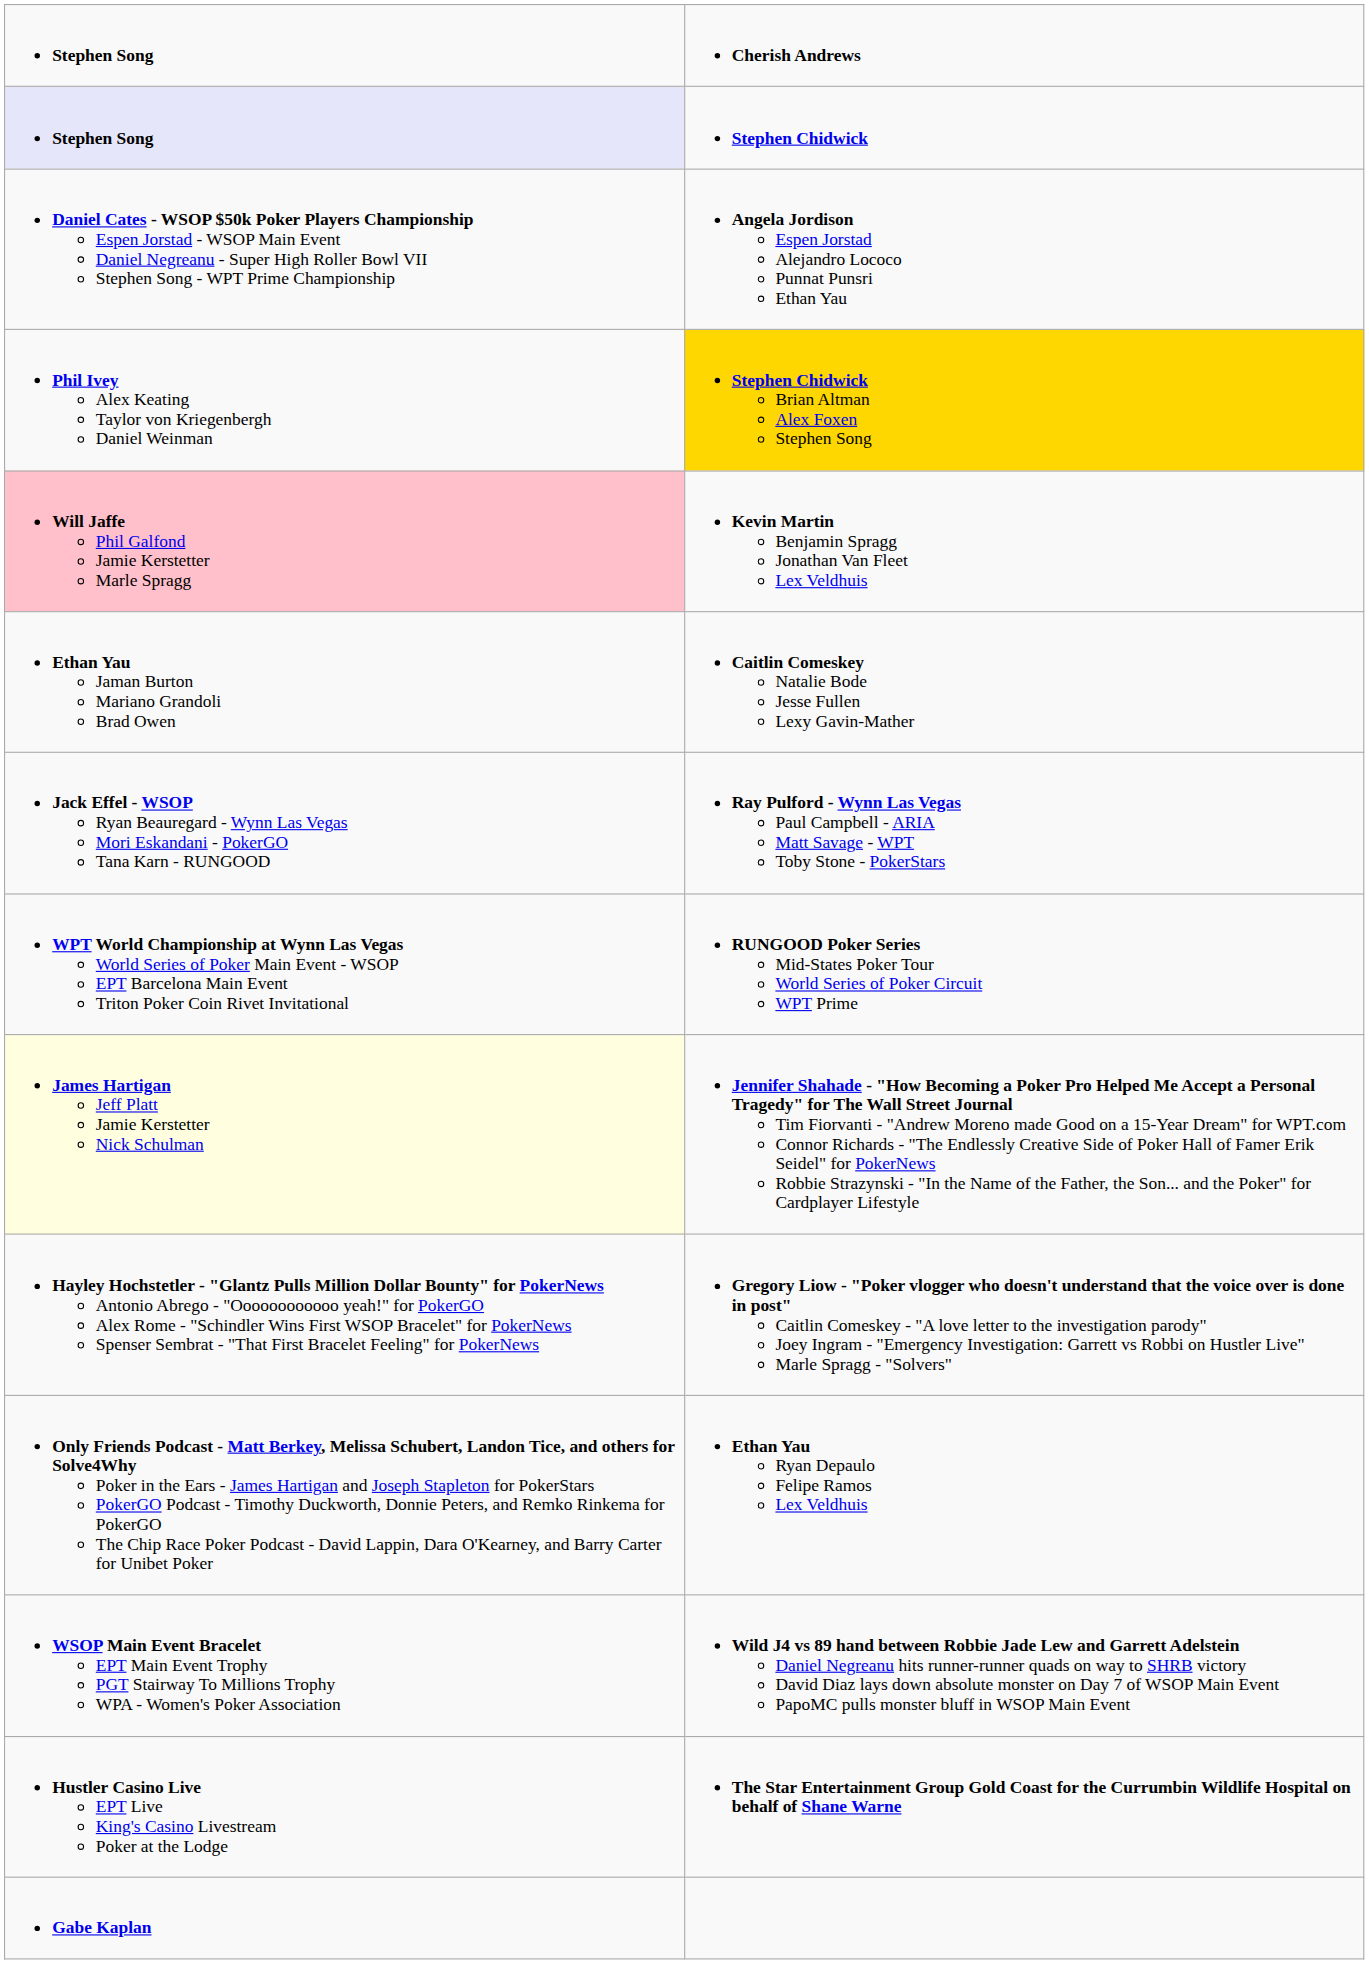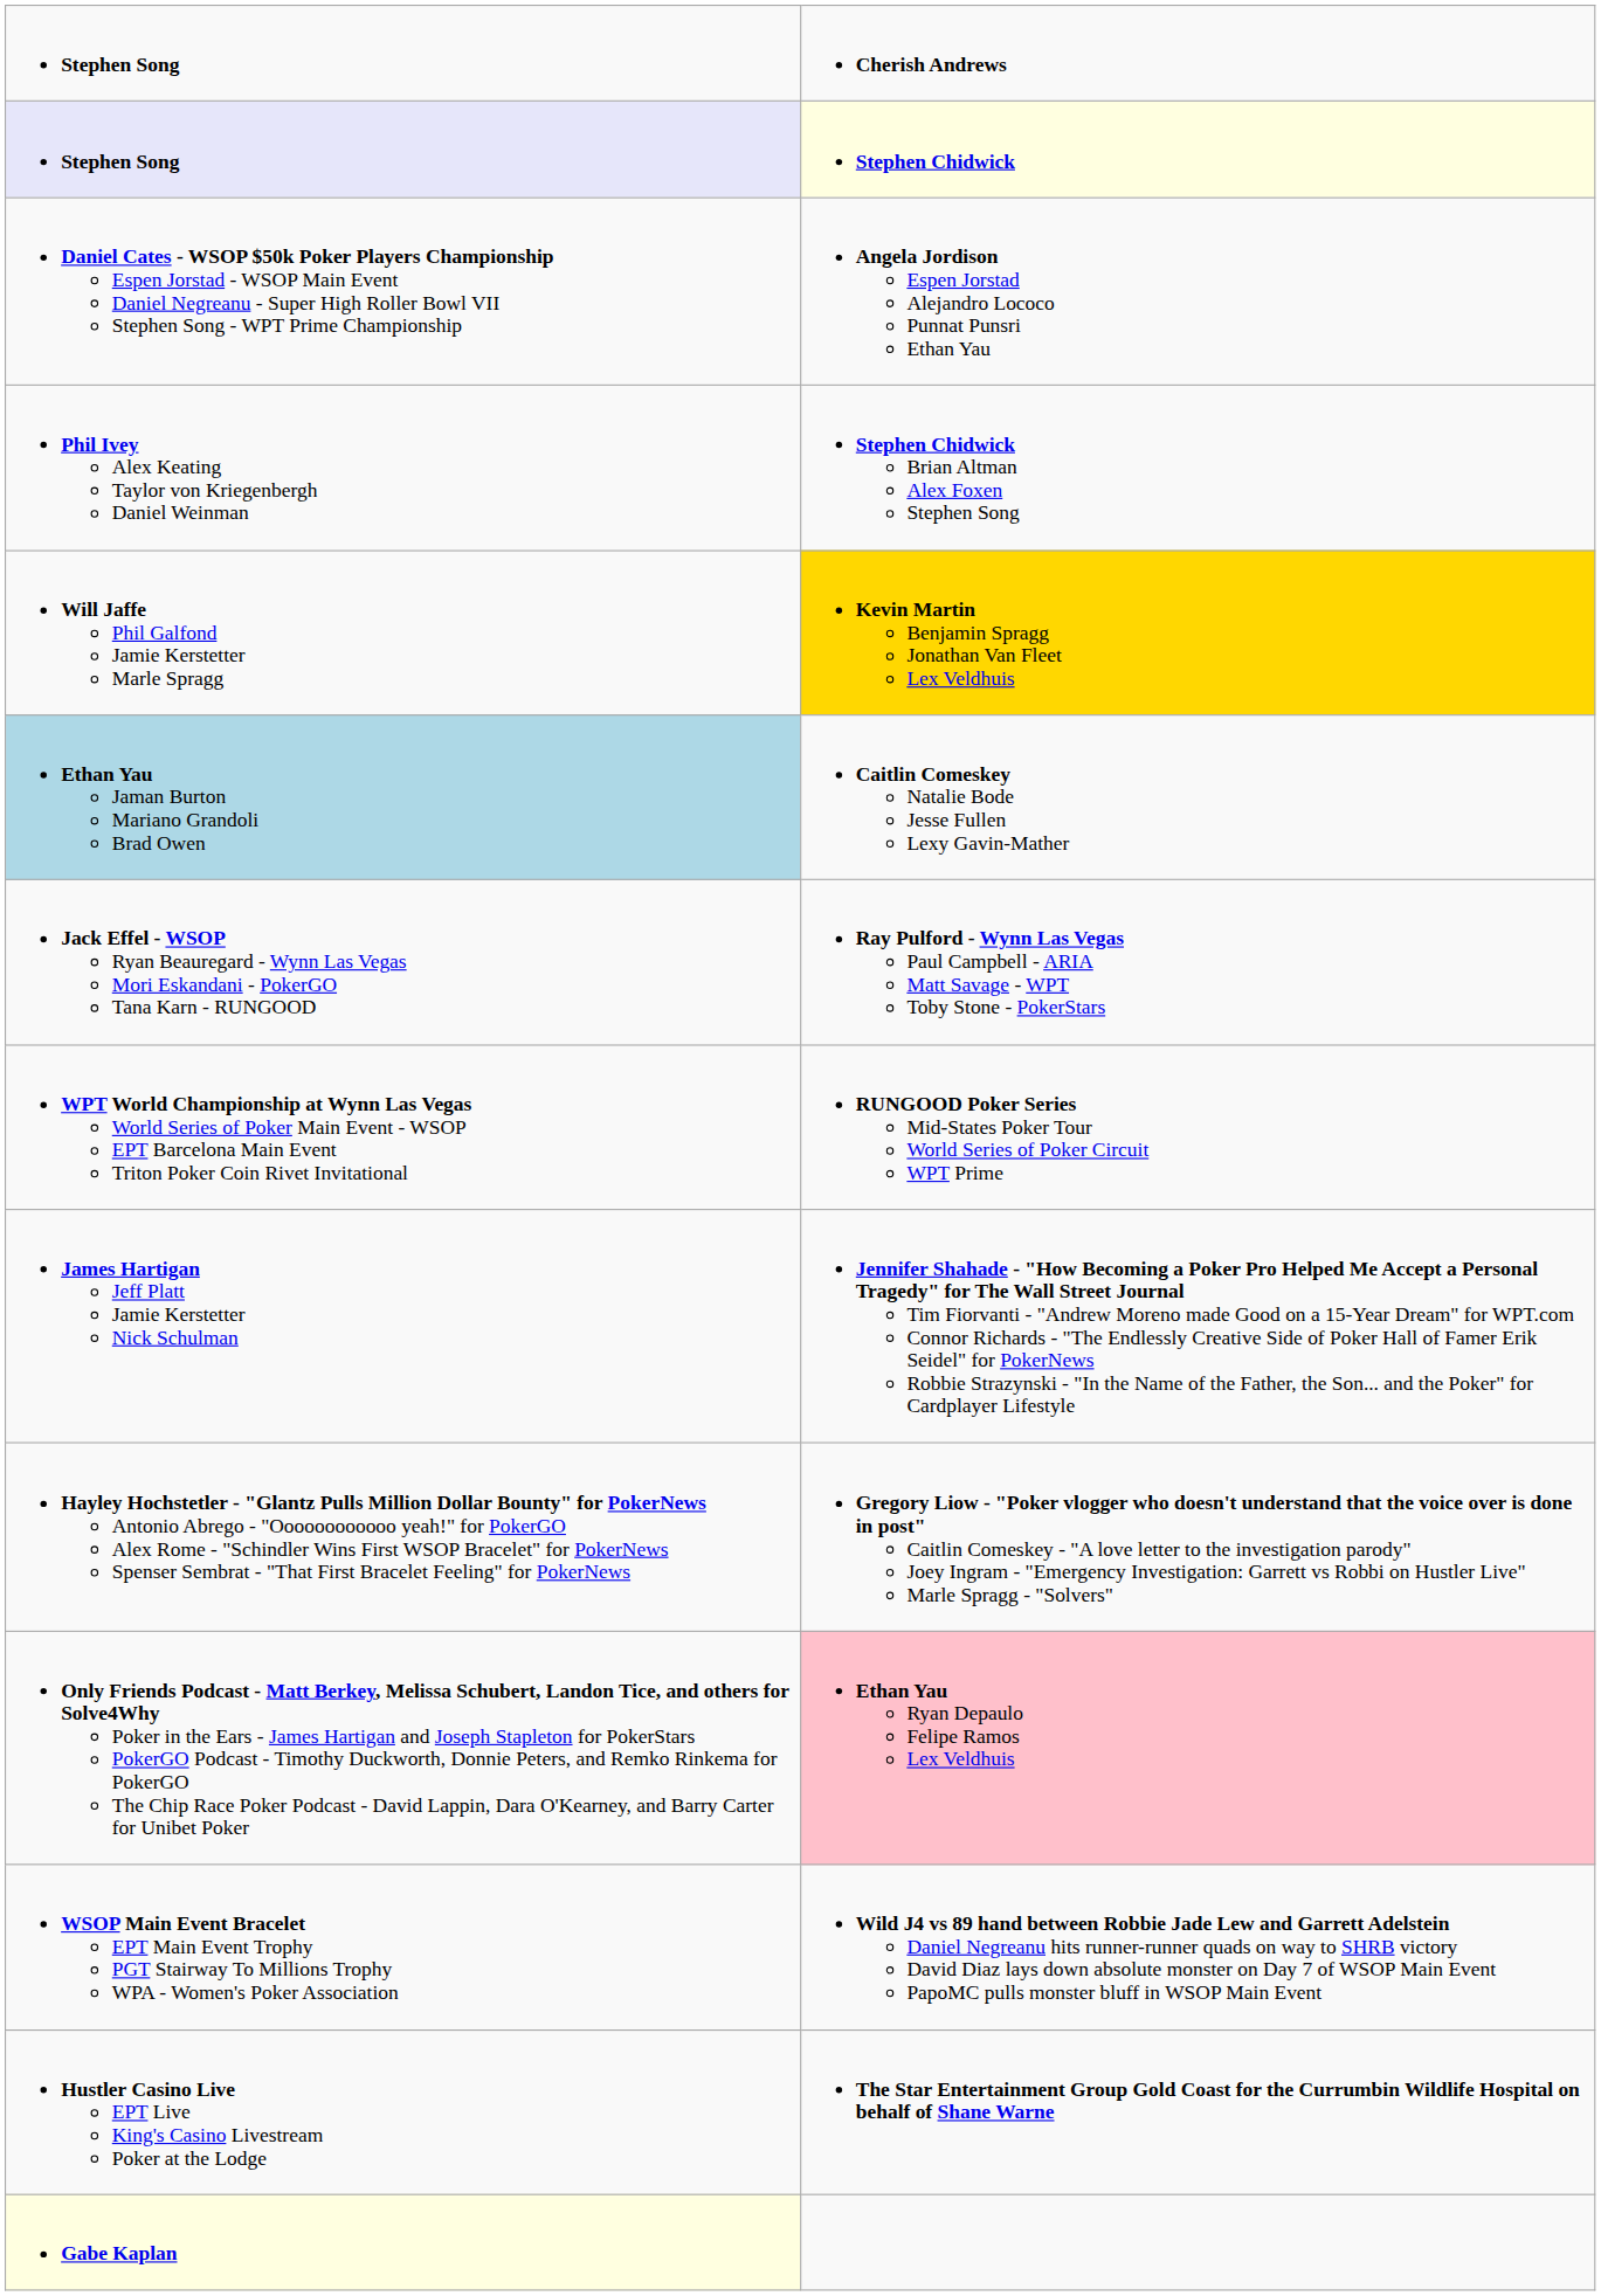 <table class="wikitable" role="presentation">
 <tr>
 <td style="vertical-align:top; width:50%;"><br><ul><li><strong>Stephen Song</strong></li></ul></td>
 <td style="vertical-align:top; width:50%;"><br><ul><li><strong>Cherish Andrews</strong></li></ul></td>
 </tr>
 <tr>
 <td style="background: lavender; vertical-align:top; width:50%;"><br><ul><li><strong>Stephen Song</strong></li></ul></td>
-<td style="vertical-align:top; width:50%;"><br><ul><li><strong><a href='#'>Stephen Chidwick</a></strong></li></ul></td>
+<td style="background: lightyellow; vertical-align:top; width:50%;"><br><ul><li><strong><a href='#'>Stephen Chidwick</a></strong></li></ul></td>
 </tr>
 <tr>
 <td style="vertical-align:top; width:50%;"><br><ul><li><strong><a href='#'>Daniel Cates</a> - WSOP $50k Poker Players Championship</strong><ul><li><a href='#'>Espen Jorstad</a> - WSOP Main Event</li><li><a href='#'>Daniel Negreanu</a> - Super High Roller Bowl VII</li><li>Stephen Song - WPT Prime Championship</li></ul></li></ul></td>
 <td style="vertical-align:top; width:50%;"><br><ul><li><strong>Angela Jordison</strong><ul><li><a href='#'>Espen Jorstad</a></li><li>Alejandro Lococo</li><li>Punnat Punsri</li><li>Ethan Yau</li></ul></li></ul></td>
 </tr>
 <tr>
 <td><br><ul><li><strong><a href='#'>Phil Ivey</a></strong><ul><li>Alex Keating</li><li>Taylor von Kriegenbergh</li><li>Daniel Weinman</li></ul></li></ul></td>
-<td style="background: gold;"><br><ul><li><strong><a href='#'>Stephen Chidwick</a></strong><ul><li>Brian Altman</li><li><a href='#'>Alex Foxen</a></li><li>Stephen Song</li></ul></li></ul></td>
+<td><br><ul><li><strong><a href='#'>Stephen Chidwick</a></strong><ul><li>Brian Altman</li><li><a href='#'>Alex Foxen</a></li><li>Stephen Song</li></ul></li></ul></td>
 </tr>
 <tr>
-<td style="background: pink; vertical-align:top; width:50%;"><br><ul><li><strong>Will Jaffe</strong><ul><li><a href='#'>Phil Galfond</a></li><li>Jamie Kerstetter</li><li>Marle Spragg</li></ul></li></ul></td>
-<td style="vertical-align:top; width:50%;"><br><ul><li><strong>Kevin Martin</strong><ul><li>Benjamin Spragg</li><li>Jonathan Van Fleet</li><li><a href='#'>Lex Veldhuis</a></li></ul></li></ul></td>
+<td style="vertical-align:top; width:50%;"><br><ul><li><strong>Will Jaffe</strong><ul><li><a href='#'>Phil Galfond</a></li><li>Jamie Kerstetter</li><li>Marle Spragg</li></ul></li></ul></td>
+<td style="background: gold; vertical-align:top; width:50%;"><br><ul><li><strong>Kevin Martin</strong><ul><li>Benjamin Spragg</li><li>Jonathan Van Fleet</li><li><a href='#'>Lex Veldhuis</a></li></ul></li></ul></td>
 </tr>
 <tr>
-<td style="vertical-align:top; width:50%;"><br><ul><li><strong>Ethan Yau</strong><ul><li>Jaman Burton</li><li>Mariano Grandoli</li><li>Brad Owen</li></ul></li></ul></td>
+<td style="background: lightblue; vertical-align:top; width:50%;"><br><ul><li><strong>Ethan Yau</strong><ul><li>Jaman Burton</li><li>Mariano Grandoli</li><li>Brad Owen</li></ul></li></ul></td>
 <td style="vertical-align:top; width:50%;"><br><ul><li><strong>Caitlin Comeskey</strong><ul><li>Natalie Bode</li><li>Jesse Fullen</li><li>Lexy Gavin-Mather</li></ul></li></ul></td>
 </tr>
 <tr>
 <td style="vertical-align:top; width:50%;"><br><ul><li><strong>Jack Effel - <a href='#'>WSOP</a></strong><ul><li>Ryan Beauregard - <a href='#'>Wynn Las Vegas</a></li><li><a href='#'>Mori Eskandani</a> - <a href='#'>PokerGO</a></li><li>Tana Karn - RUNGOOD</li></ul></li></ul></td>
 <td style="vertical-align:top; width:50%;"><br><ul><li><strong>Ray Pulford - <a href='#'>Wynn Las Vegas</a></strong><ul><li>Paul Campbell - <a href='#'>ARIA</a></li><li><a href='#'>Matt Savage</a> - <a href='#'>WPT</a></li><li>Toby Stone - <a href='#'>PokerStars</a></li></ul></li></ul></td>
 </tr>
 <tr>
 <td style="vertical-align:top; width:50%;"><br><ul><li><strong><a href='#'>WPT</a> World Championship at Wynn Las Vegas</strong><ul><li><a href='#'>World Series of Poker</a> Main Event - WSOP</li><li><a href='#'>EPT</a> Barcelona Main Event</li><li>Triton Poker Coin Rivet Invitational</li></ul></li></ul></td>
 <td style="vertical-align:top; width:50%;"><br><ul><li><strong>RUNGOOD Poker Series</strong><ul><li>Mid-States Poker Tour</li><li><a href='#'>World Series of Poker Circuit</a></li><li><a href='#'>WPT</a> Prime</li></ul></li></ul></td>
 </tr>
 <tr>
-<td style="background: lightyellow; vertical-align:top; width:50%;"><br><ul><li><strong><a href='#'>James Hartigan</a></strong><ul><li><a href='#'>Jeff Platt</a></li><li>Jamie Kerstetter</li><li><a href='#'>Nick Schulman</a></li></ul></li></ul></td>
+<td style="vertical-align:top; width:50%;"><br><ul><li><strong><a href='#'>James Hartigan</a></strong><ul><li><a href='#'>Jeff Platt</a></li><li>Jamie Kerstetter</li><li><a href='#'>Nick Schulman</a></li></ul></li></ul></td>
 <td style="vertical-align:top; width:50%;"><br><ul><li><strong><a href='#'>Jennifer Shahade</a> - "How Becoming a Poker Pro Helped Me Accept a Personal Tragedy" for The Wall Street Journal</strong><ul><li>Tim Fiorvanti - "Andrew Moreno made Good on a 15-Year Dream" for WPT.com</li><li>Connor Richards - "The Endlessly Creative Side of Poker Hall of Famer Erik Seidel" for <a href='#'>PokerNews</a></li><li>Robbie Strazynski - "In the Name of the Father, the Son... and the Poker" for Cardplayer Lifestyle</li></ul></li></ul></td>
 </tr>
 <tr>
 <td style="vertical-align:top; width:50%;"><br><ul><li><strong>Hayley Hochstetler - "Glantz Pulls Million Dollar Bounty" for <a href='#'>PokerNews</a></strong><ul><li>Antonio Abrego - "Oooooooooooo yeah!" for <a href='#'>PokerGO</a></li><li>Alex Rome - "Schindler Wins First WSOP Bracelet" for <a href='#'>PokerNews</a></li><li>Spenser Sembrat - "That First Bracelet Feeling" for <a href='#'>PokerNews</a></li></ul></li></ul></td>
 <td style="vertical-align:top; width:50%;"><br><ul><li><strong>Gregory Liow - "Poker vlogger who doesn't understand that the voice over is done in post"</strong><ul><li>Caitlin Comeskey - "A love letter to the investigation parody"</li><li>Joey Ingram - "Emergency Investigation: Garrett vs Robbi on Hustler Live"</li><li>Marle Spragg - "Solvers"</li></ul></li></ul></td>
 </tr>
 <tr>
 <td style="vertical-align:top; width:50%;"><br><ul><li><strong>Only Friends Podcast - <a href='#'>Matt Berkey</a>, Melissa Schubert, Landon Tice, and others for Solve4Why</strong><ul><li>Poker in the Ears - <a href='#'>James Hartigan</a> and <a href='#'>Joseph Stapleton</a> for PokerStars</li><li><a href='#'>PokerGO</a> Podcast - Timothy Duckworth, Donnie Peters, and Remko Rinkema for PokerGO</li><li>The Chip Race Poker Podcast - David Lappin, Dara O'Kearney, and Barry Carter for Unibet Poker</li></ul></li></ul></td>
-<td style="vertical-align:top; width:50%;"><br><ul><li><strong>Ethan Yau</strong><ul><li>Ryan Depaulo</li><li>Felipe Ramos</li><li><a href='#'>Lex Veldhuis</a></li></ul></li></ul></td>
+<td style="background: pink; vertical-align:top; width:50%;"><br><ul><li><strong>Ethan Yau</strong><ul><li>Ryan Depaulo</li><li>Felipe Ramos</li><li><a href='#'>Lex Veldhuis</a></li></ul></li></ul></td>
 </tr>
 <tr>
 <td style="vertical-align:top; width:50%;"><br><ul><li><strong><a href='#'>WSOP</a> Main Event Bracelet</strong><ul><li><a href='#'>EPT</a> Main Event Trophy</li><li><a href='#'>PGT</a> Stairway To Millions Trophy</li><li>WPA - Women's Poker Association</li></ul></li></ul></td>
 <td style="vertical-align:top; width:50%;"><br><ul><li><strong>Wild J4 vs 89 hand between Robbie Jade Lew and Garrett Adelstein</strong><ul><li><a href='#'>Daniel Negreanu</a> hits runner-runner quads on way to <a href='#'>SHRB</a> victory</li><li>David Diaz lays down absolute monster on Day 7 of WSOP Main Event</li><li>PapoMC pulls monster bluff in WSOP Main Event</li></ul></li></ul></td>
 </tr>
 <tr>
 <td style="vertical-align:top; width:50%;"><br><ul><li><strong>Hustler Casino Live</strong><ul><li><a href='#'>EPT</a> Live</li><li><a href='#'>King's Casino</a> Livestream</li><li>Poker at the Lodge</li></ul></li></ul></td>
 <td style="vertical-align:top; width:50%;"><br><ul><li><strong>The Star Entertainment Group Gold Coast for the Currumbin Wildlife Hospital on behalf of <a href='#'>Shane Warne</a></strong></li></ul></td>
 </tr>
 <tr>
-<td><br><ul><li><strong><a href='#'>Gabe Kaplan</a></strong></li></ul></td>
+<td style="background: lightyellow;"><br><ul><li><strong><a href='#'>Gabe Kaplan</a></strong></li></ul></td>
 </tr>
 </table>
